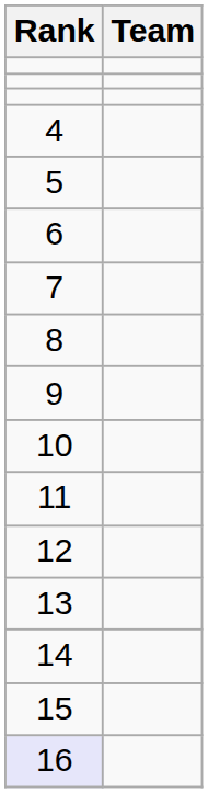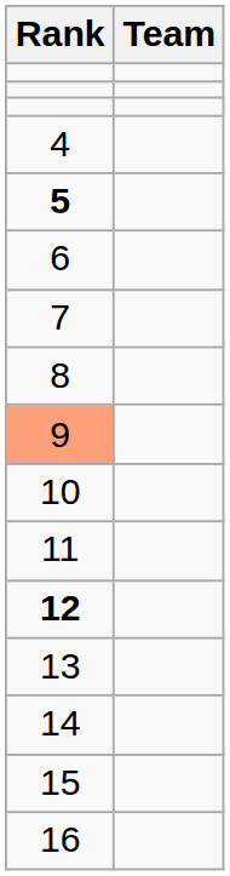 <table class="wikitable" style="text-align:center">
 <tr>
 <th width=40>Rank</th>
 <th>Team</th>
 </tr>
 <tr>
 <td></td>
 <td style="text-align:left"></td>
 </tr>
 <tr>
 <td></td>
 <td style="text-align:left"></td>
 </tr>
 <tr>
 <td></td>
 <td style="text-align:left"></td>
 </tr>
 <tr>
 <td>4</td>
 <td style="text-align:left"></td>
 </tr>
 <tr>
-<td>5</td>
+<td><strong>5</strong></td>
 <td style="text-align:left"></td>
 </tr>
 <tr>
 <td>6</td>
 <td style="text-align:left"></td>
 </tr>
 <tr>
 <td>7</td>
 <td style="text-align:left"></td>
 </tr>
 <tr>
 <td>8</td>
 <td style="text-align:left"></td>
 </tr>
 <tr>
-<td>9</td>
+<td style="background: lightsalmon;">9</td>
 <td style="text-align:left"></td>
 </tr>
 <tr>
 <td>10</td>
 <td style="text-align:left"></td>
 </tr>
 <tr>
 <td>11</td>
 <td style="text-align:left"></td>
 </tr>
 <tr>
-<td>12</td>
+<td><strong>12</strong></td>
 <td style="text-align:left"></td>
 </tr>
 <tr>
 <td>13</td>
 <td style="text-align:left"></td>
 </tr>
 <tr>
 <td>14</td>
 <td style="text-align:left"></td>
 </tr>
 <tr>
 <td>15</td>
 <td style="text-align:left"></td>
 </tr>
 <tr>
-<td style="background: lavender;">16</td>
+<td>16</td>
 <td style="text-align:left"></td>
 </tr>
 </table>
